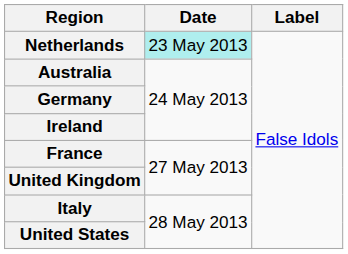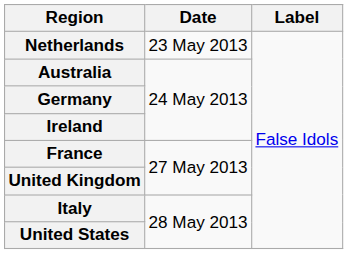 <table class="wikitable plainrowheaders">
 <tr>
 <th scope="col">Region</th>
 <th scope="col">Date</th>
 <th scope="col">Label</th>
 </tr>
 <tr>
 <th scope="row">Netherlands</th>
-<td style="background: paleturquoise;">23 May 2013</td>
+<td>23 May 2013</td>
 <td rowspan="8"><a href='#'>False Idols</a></td>
 </tr>
 <tr>
 <th scope="row">Australia</th>
 <td rowspan="3">24 May 2013</td>
 </tr>
 <tr>
 <th scope="row">Germany</th>
 </tr>
 <tr>
 <th scope="row">Ireland</th>
 </tr>
 <tr>
 <th scope="row">France</th>
 <td rowspan="2">27 May 2013</td>
 </tr>
 <tr>
 <th scope="row">United Kingdom</th>
 </tr>
 <tr>
 <th scope="row">Italy</th>
 <td rowspan="2">28 May 2013</td>
 </tr>
 <tr>
 <th scope="row">United States</th>
 </tr>
 </table>
